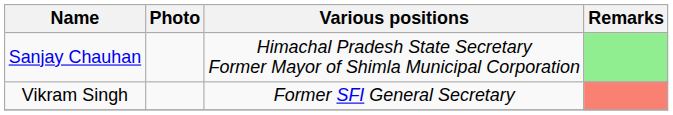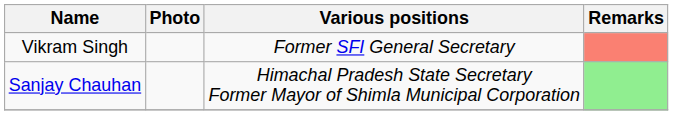 <table class="wikitable sortable" style="text-align:center">
 <tr>
 <th Style="background-color:">Name</th>
 <th Style="background-color:">Photo</th>
 <th Style="background-color:">Various positions</th>
 <th Style="background-color:">Remarks</th>
 </tr>
 <tr>
+<td>Vikram Singh</td>
+<td></td>
+<td><em>Former <a href='#'>SFI</a> General Secretary</em></td>
+<td bgcolor = Salmon></td>
+</tr>
+<tr>
 <td><a href='#'>Sanjay Chauhan</a></td>
 <td></td>
 <td><em>Himachal Pradesh State Secretary</em><br><em>Former Mayor of Shimla Municipal Corporation</em></td>
 <td bgcolor = LightGreen></td>
 </tr>
 <tr>
-<td>Vikram Singh</td>
-<td></td>
-<td><em>Former <a href='#'>SFI</a> General Secretary</em></td>
-<td bgcolor = Salmon></td>
-</tr>
-<tr>
 </tr>
 </table>
